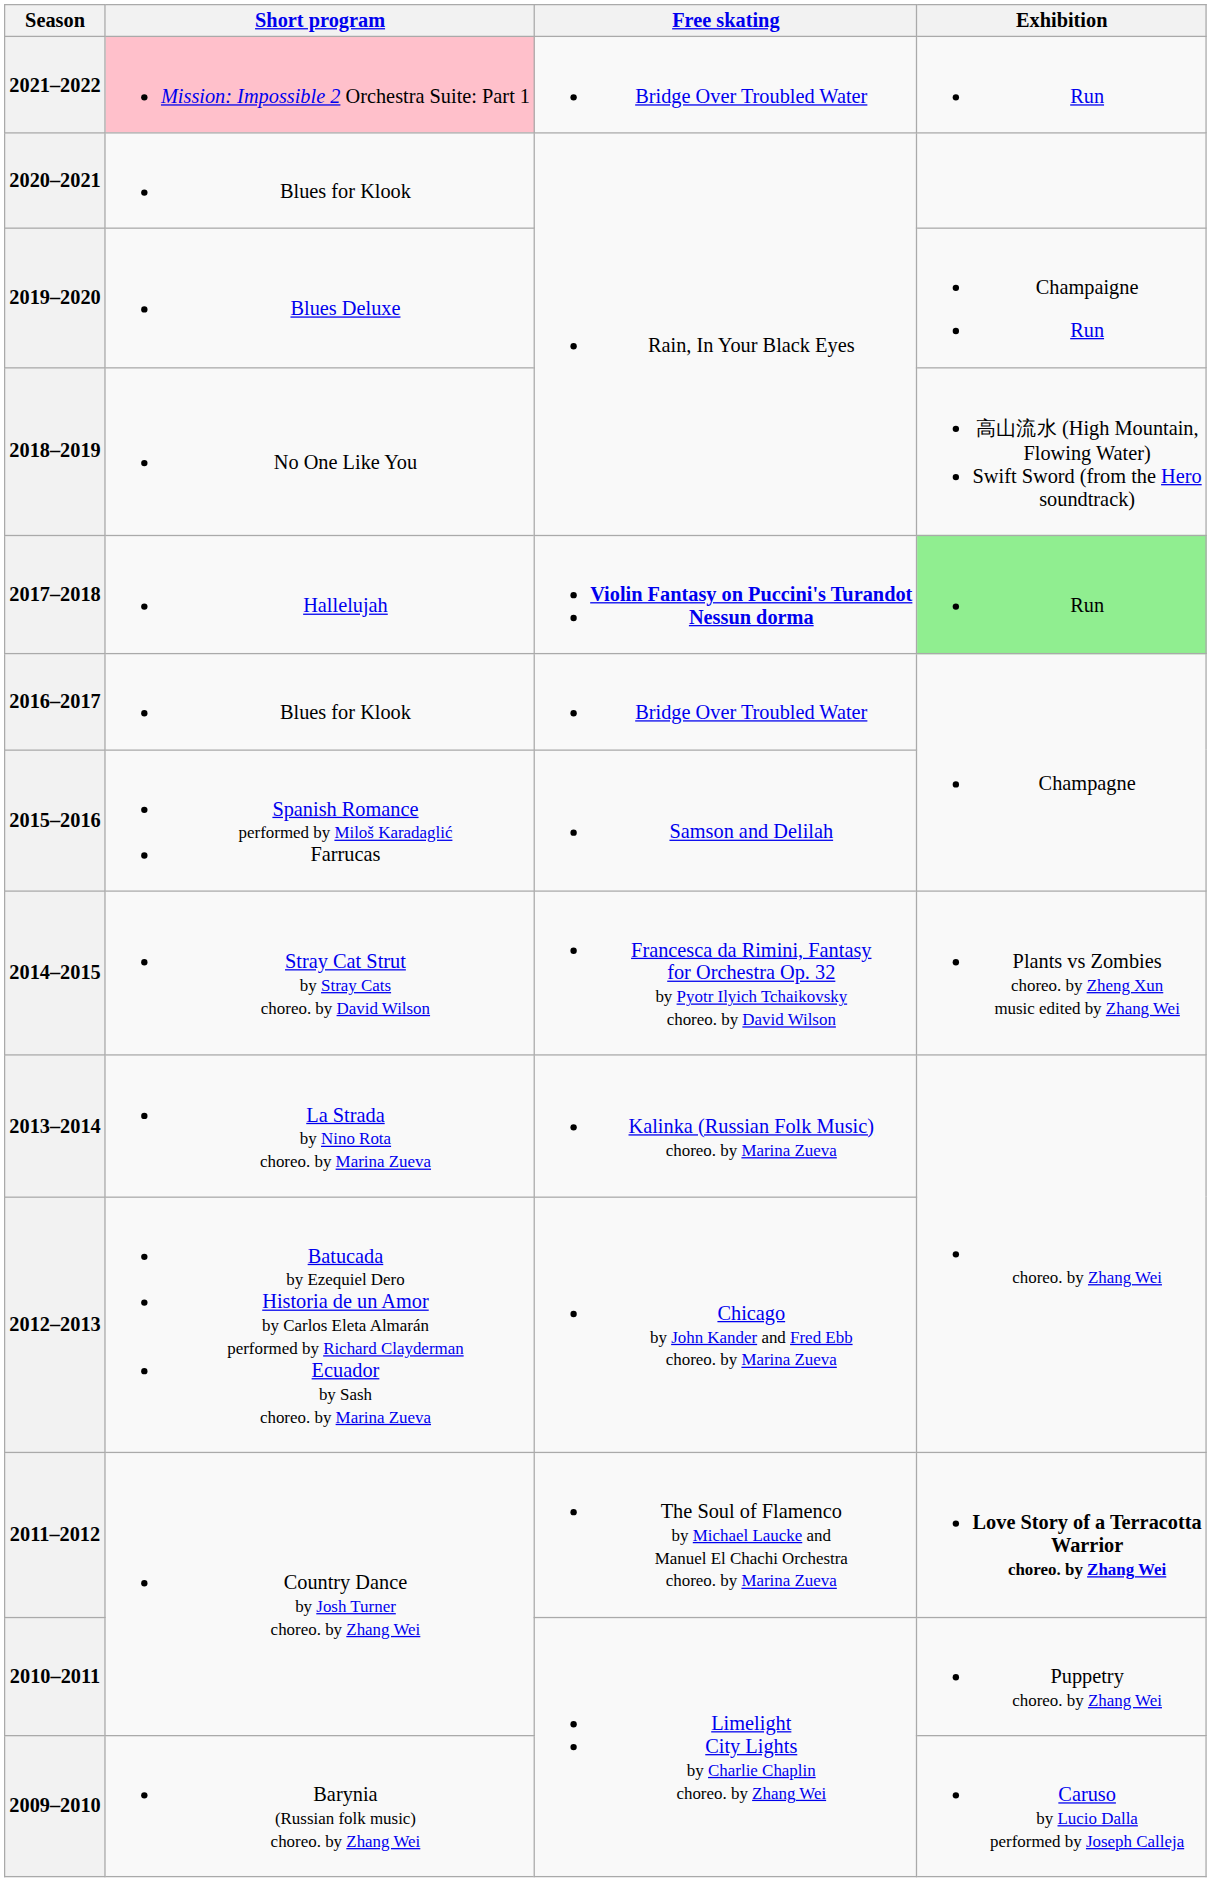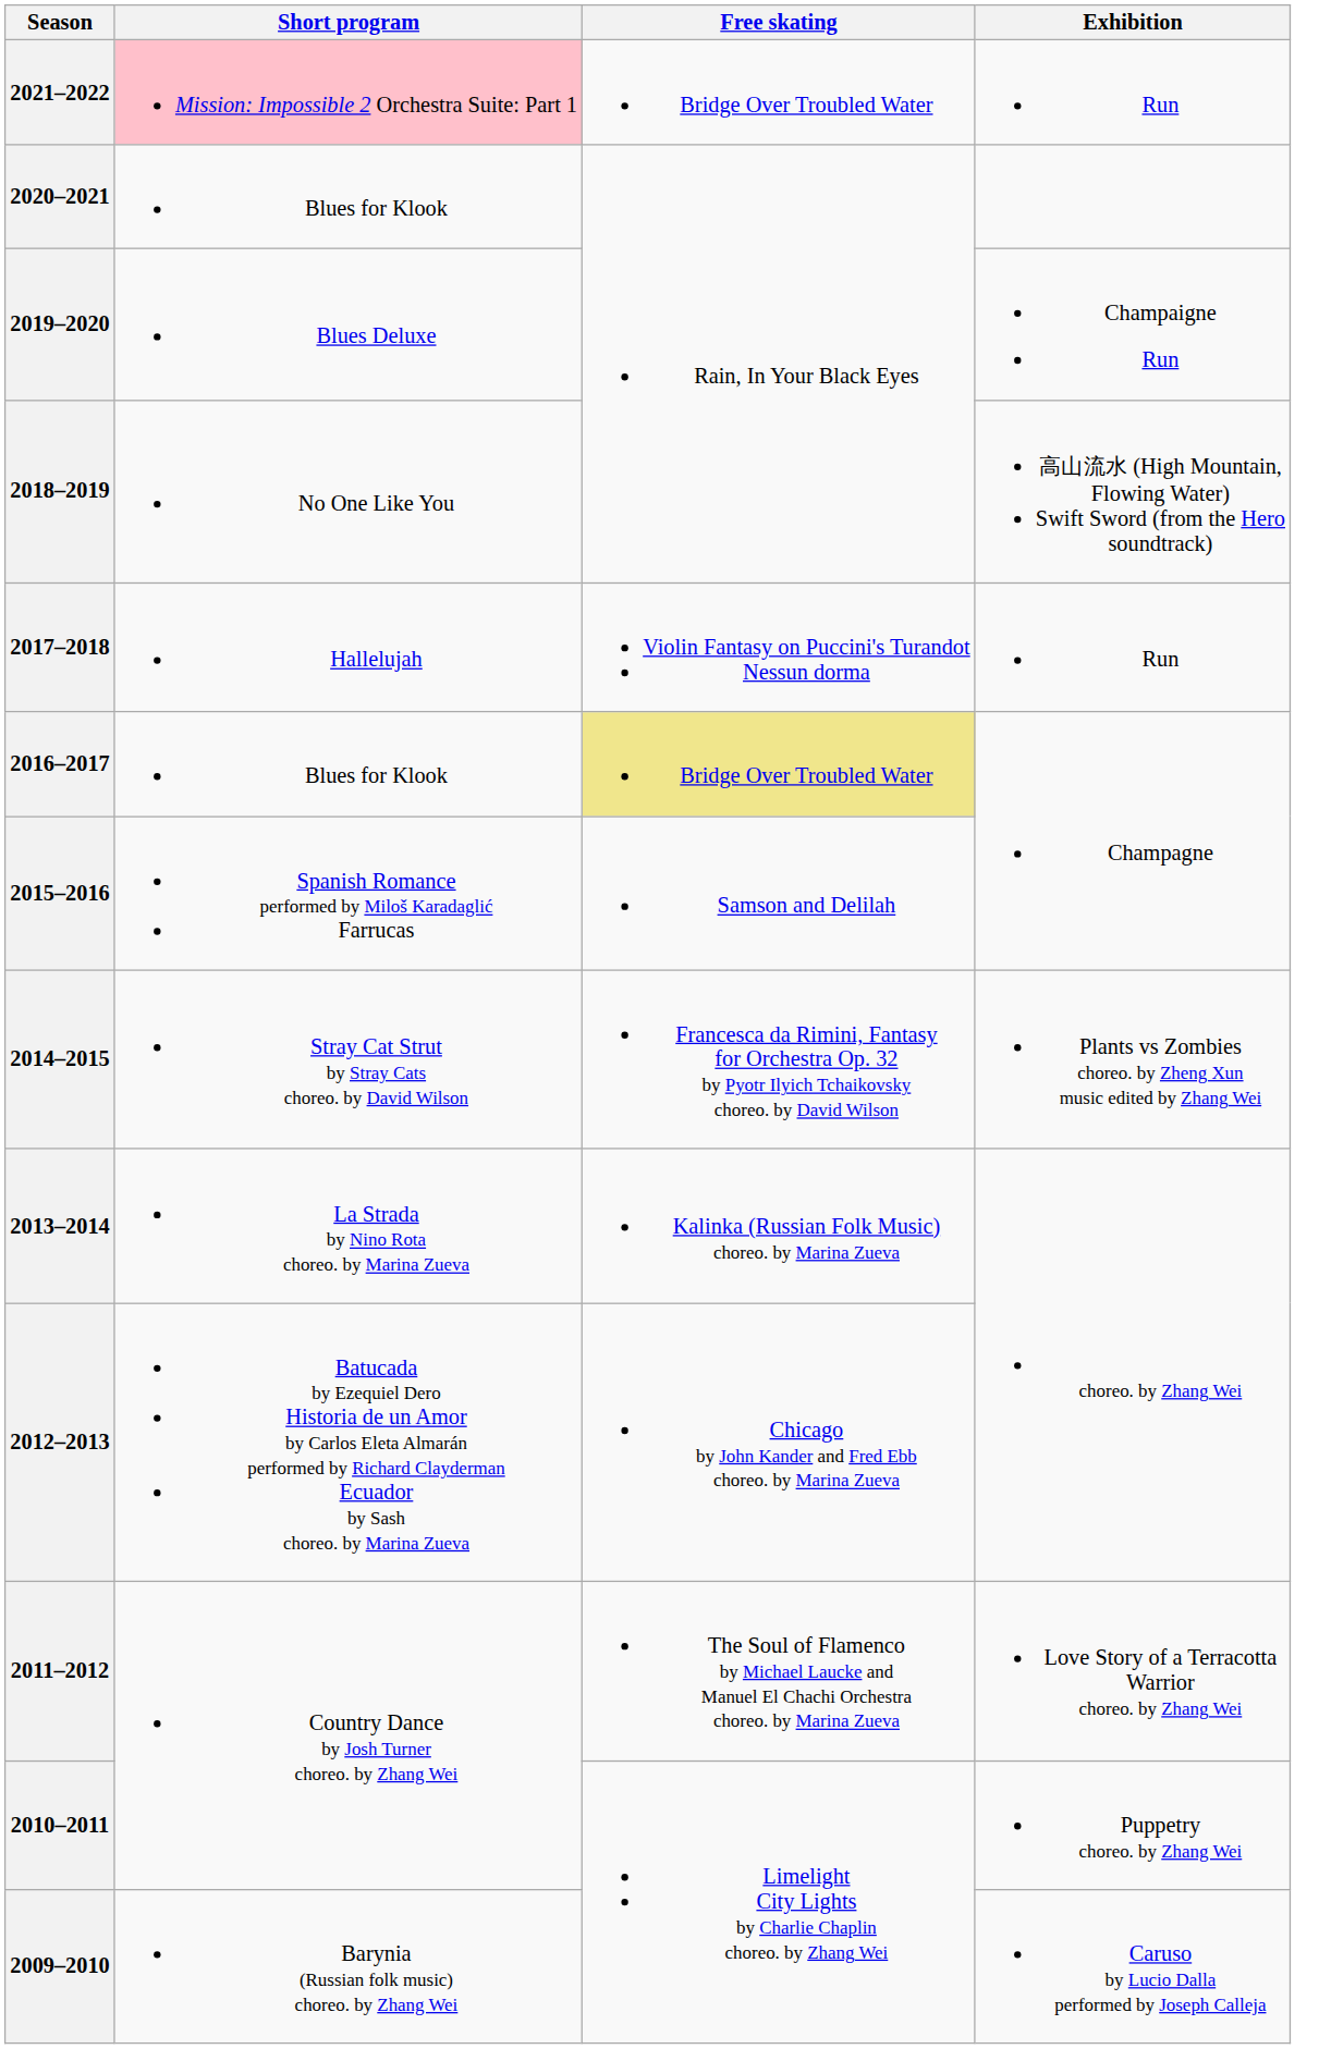 <table class="wikitable" style="text-align:center">
 <tr>
 <th>Season</th>
 <th><a href='#'>Short program</a></th>
 <th><a href='#'>Free skating</a></th>
 <th>Exhibition</th>
 </tr>
 <tr>
 <th>2021–2022 <br> </th>
 <td style="background: pink;"><br><ul><li><em><a href='#'>Mission: Impossible 2</a></em> Orchestra Suite: Part 1 <br></li></ul></td>
 <td><br><ul><li><a href='#'>Bridge Over Troubled Water</a> <br></li></ul></td>
 <td><br><ul><li><a href='#'>Run</a> <br></li></ul></td>
 </tr>
 <tr>
 <th>2020–2021 <br> </th>
 <td><br><ul><li>Blues for Klook <br></li></ul></td>
 <td rowspan=3><br><ul><li>Rain, In Your Black Eyes <br></li></ul></td>
 <td></td>
 </tr>
 <tr>
 <th>2019–2020 <br> </th>
 <td><br><ul><li><a href='#'>Blues Deluxe</a> <br> </li></ul></td>
 <td><br><ul><li>Champaigne <br></li></ul><ul><li><a href='#'>Run</a> <br></li></ul></td>
 </tr>
 <tr>
 <th>2018–2019 <br></th>
 <td><br><ul><li>No One Like You <br></li></ul></td>
 <td><br><ul><li>高山流水 (High Mountain, <br> Flowing Water)</li><li>Swift Sword (from the <a href='#'>Hero</a> <br> soundtrack) <br></li></ul></td>
 </tr>
 <tr>
 <th>2017–2018 <br></th>
 <td><br><ul><li><a href='#'>Hallelujah</a> <br></li></ul></td>
-<td><strong><br><ul><li><a href='#'>Violin Fantasy on Puccini's Turandot</a> <br></li><li><a href='#'>Nessun dorma</a> <br></li></ul></strong></td>
-<td style="background: lightgreen;"><br><ul><li>Run <br></li></ul></td>
+<td><br><ul><li><a href='#'>Violin Fantasy on Puccini's Turandot</a> <br></li><li><a href='#'>Nessun dorma</a> <br></li></ul></td>
+<td><br><ul><li>Run <br></li></ul></td>
 </tr>
 <tr>
 <th>2016–2017 <br></th>
 <td><br><ul><li>Blues for Klook <br></li></ul></td>
-<td><br><ul><li><a href='#'>Bridge Over Troubled Water</a> <br></li></ul></td>
+<td style="background: khaki;"><br><ul><li><a href='#'>Bridge Over Troubled Water</a> <br></li></ul></td>
 <td rowspan=2><br><ul><li>Champagne <br></li></ul></td>
 </tr>
 <tr>
 <th>2015–2016 <br></th>
 <td><br><ul><li><a href='#'>Spanish Romance</a> <br><small>performed by <a href='#'>Miloš Karadaglić</a> </small></li><li>Farrucas <br></li></ul></td>
 <td><br><ul><li><a href='#'>Samson and Delilah</a> <br><small> </small></li></ul></td>
 </tr>
 <tr>
 <th>2014–2015 <br></th>
 <td><br><ul><li><a href='#'>Stray Cat Strut</a>  <br><small>by <a href='#'>Stray Cats</a></small><br><small> choreo. by <a href='#'>David Wilson</a> </small></li></ul></td>
 <td><br><ul><li><a href='#'>Francesca da Rimini, Fantasy <br> for Orchestra Op. 32</a> <br><small>by <a href='#'>Pyotr Ilyich Tchaikovsky</a></small><br><small>choreo. by <a href='#'>David Wilson</a> </small></li></ul></td>
 <td><br><ul><li>Plants vs Zombies <br><small> choreo. by <a href='#'>Zheng Xun</a> </small> <br><small> music edited by <a href='#'>Zhang Wei</a> </small></li></ul></td>
 </tr>
 <tr>
 <th>2013–2014 <br> </th>
 <td><br><ul><li><a href='#'>La Strada</a> <br><small> by <a href='#'>Nino Rota</a> <br> choreo. by <a href='#'>Marina Zueva</a> </small></li></ul></td>
 <td><br><ul><li><a href='#'>Kalinka (Russian Folk Music)</a> <br><small> choreo. by <a href='#'>Marina Zueva</a> </small></li></ul></td>
 <td rowspan=2><br><ul><li> <br><small> choreo. by <a href='#'>Zhang Wei</a> </small></li></ul></td>
 </tr>
 <tr>
 <th>2012–2013 <br> </th>
 <td><br><ul><li><a href='#'>Batucada</a> <br><small> by Ezequiel Dero </small></li><li><a href='#'>Historia de un Amor</a> <br><small> by Carlos Eleta Almarán <br> performed by <a href='#'>Richard Clayderman</a> </small></li><li><a href='#'>Ecuador</a> <br><small> by Sash  <br> choreo. by <a href='#'>Marina Zueva</a> </small></li></ul></td>
 <td><br><ul><li><a href='#'>Chicago</a> <br><small> by <a href='#'>John Kander</a> and <a href='#'>Fred Ebb</a>  <br> choreo. by <a href='#'>Marina Zueva</a> </small></li></ul></td>
 </tr>
 <tr>
 <th>2011–2012 <br></th>
 <td rowspan=2><br><ul><li>Country Dance <br><small> by <a href='#'>Josh Turner</a> <br> choreo. by <a href='#'>Zhang Wei</a> </small></li></ul></td>
 <td><br><ul><li>The Soul of Flamenco <br><small> by <a href='#'>Michael Laucke</a> and <br> Manuel El Chachi Orchestra <br> choreo. by <a href='#'>Marina Zueva</a> </small></li></ul></td>
-<td><strong><br><ul><li>Love Story of a Terracotta <br> Warrior <br><small> choreo. by <a href='#'>Zhang Wei</a> </small></li></ul></strong></td>
+<td><br><ul><li>Love Story of a Terracotta <br> Warrior <br><small> choreo. by <a href='#'>Zhang Wei</a> </small></li></ul></td>
 </tr>
 <tr>
 <th>2010–2011 <br></th>
 <td rowspan=2><br><ul><li><a href='#'>Limelight</a></li><li><a href='#'>City Lights</a> <br><small> by <a href='#'>Charlie Chaplin</a> <br> choreo. by <a href='#'>Zhang Wei</a> </small></li></ul></td>
 <td><br><ul><li>Puppetry <br><small> choreo. by <a href='#'>Zhang Wei</a> </small></li></ul></td>
 </tr>
 <tr>
 <th>2009–2010 <br></th>
 <td><br><ul><li>Barynia <br><small> (Russian folk music) <br> choreo. by <a href='#'>Zhang Wei</a> </small></li></ul></td>
 <td><br><ul><li><a href='#'>Caruso</a> <br><small> by <a href='#'>Lucio Dalla</a> <br> performed by <a href='#'>Joseph Calleja</a></small></li></ul></td>
 </tr>
 </table>
